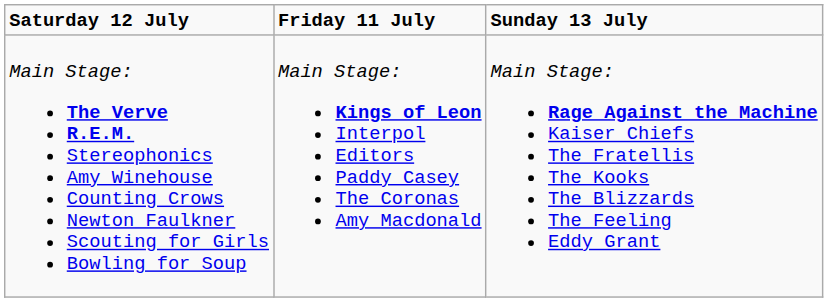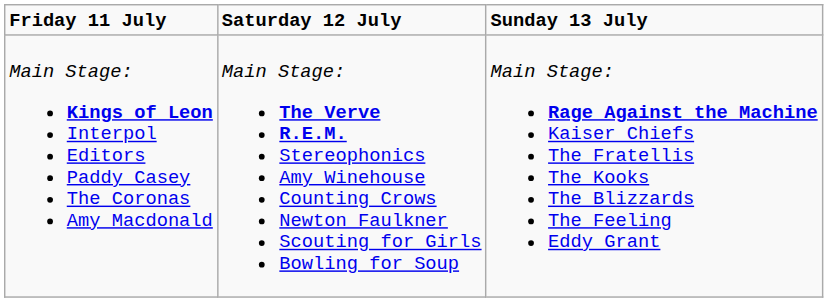 <table class="wikitable">
 <tr>
+<td><strong>Friday 11 July</strong></td>
 <td><strong>Saturday 12 July</strong></td>
-<td><strong>Friday 11 July</strong></td>
 <td><strong>Sunday 13 July</strong></td>
 </tr>
 <tr valign="top">
+<td><br><em>Main Stage:</em><ul><li><strong><a href='#'>Kings of Leon</a></strong></li><li><a href='#'>Interpol</a></li><li><a href='#'>Editors</a></li><li><a href='#'>Paddy Casey</a></li><li><a href='#'>The Coronas</a></li><li><a href='#'>Amy Macdonald</a></li></ul></td>
 <td><br><em>Main Stage:</em><ul><li><strong><a href='#'>The Verve</a></strong></li><li><strong><a href='#'>R.E.M.</a></strong></li><li><a href='#'>Stereophonics</a></li><li><a href='#'>Amy Winehouse</a></li><li><a href='#'>Counting Crows</a></li><li><a href='#'>Newton Faulkner</a></li><li><a href='#'>Scouting for Girls</a></li><li><a href='#'>Bowling for Soup</a></li></ul></td>
-<td><br><em>Main Stage:</em><ul><li><strong><a href='#'>Kings of Leon</a></strong></li><li><a href='#'>Interpol</a></li><li><a href='#'>Editors</a></li><li><a href='#'>Paddy Casey</a></li><li><a href='#'>The Coronas</a></li><li><a href='#'>Amy Macdonald</a></li></ul></td>
 <td><br><em>Main Stage:</em><ul><li><strong><a href='#'>Rage Against the Machine</a></strong></li><li><a href='#'>Kaiser Chiefs</a></li><li><a href='#'>The Fratellis</a></li><li><a href='#'>The Kooks</a></li><li><a href='#'>The Blizzards</a></li><li><a href='#'>The Feeling</a></li><li><a href='#'>Eddy Grant</a></li></ul></td>
 </tr>
 </table>
